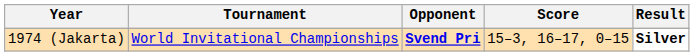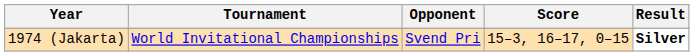 <table class="sortable wikitable" style="font-size:90%">
 <tr>
 <th>Year</th>
 <th>Tournament</th>
 <th>Opponent</th>
 <th>Score</th>
 <th>Result</th>
 </tr>
 <tr>
 </tr>
 <tr style="background:#FFE0AF">
 <td align="center">1974 (Jakarta)</td>
 <td align="left"><a href='#'>World Invitational Championships</a></td>
-<td align="left"><strong> <a href='#'>Svend Pri</a></strong></td>
+<td align="left"> <a href='#'>Svend Pri</a></td>
 <td align="left">15–3, 16–17, 0–15</td>
 <td style="text-align:left; background:white"> <strong>Silver</strong></td>
 </tr>
 </table>
